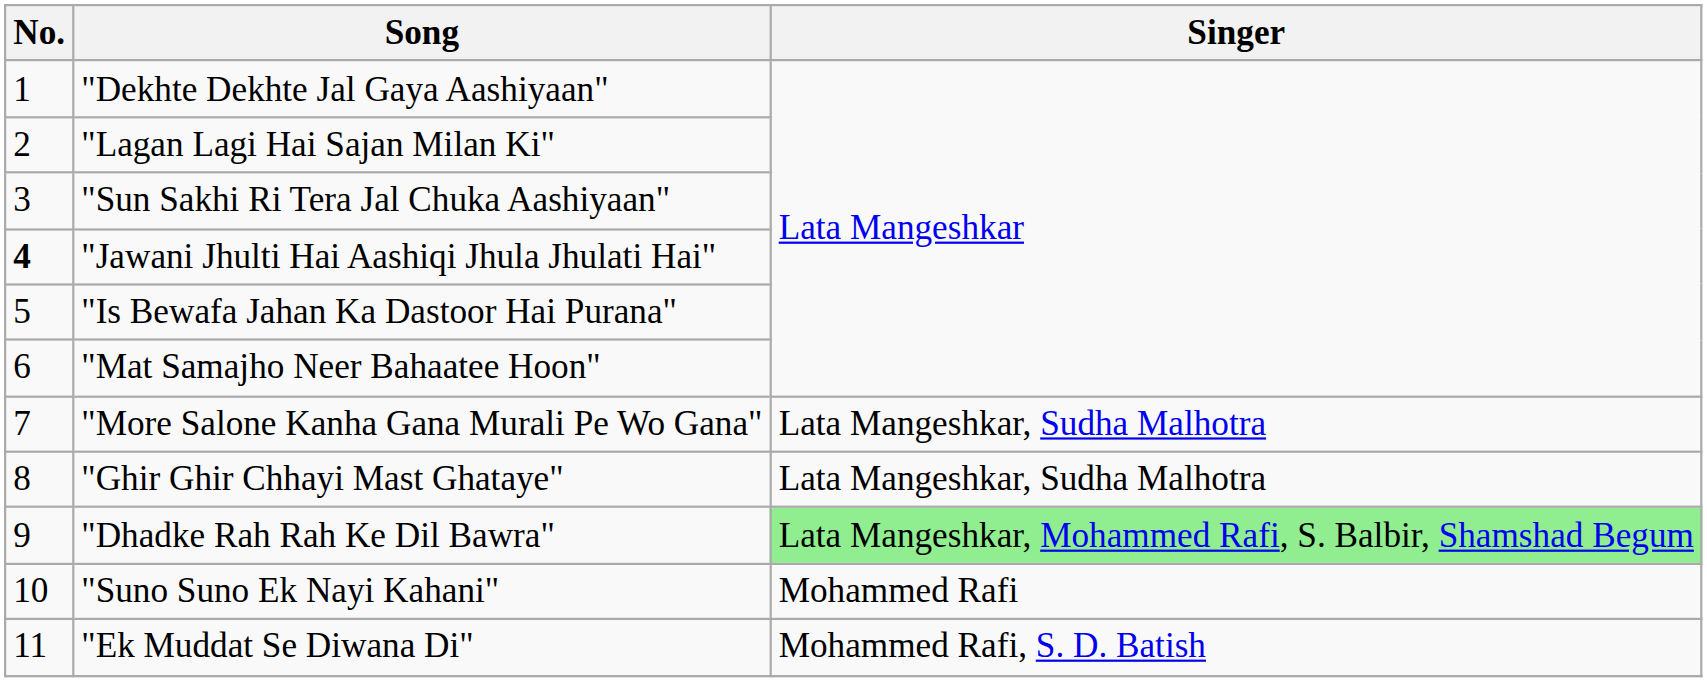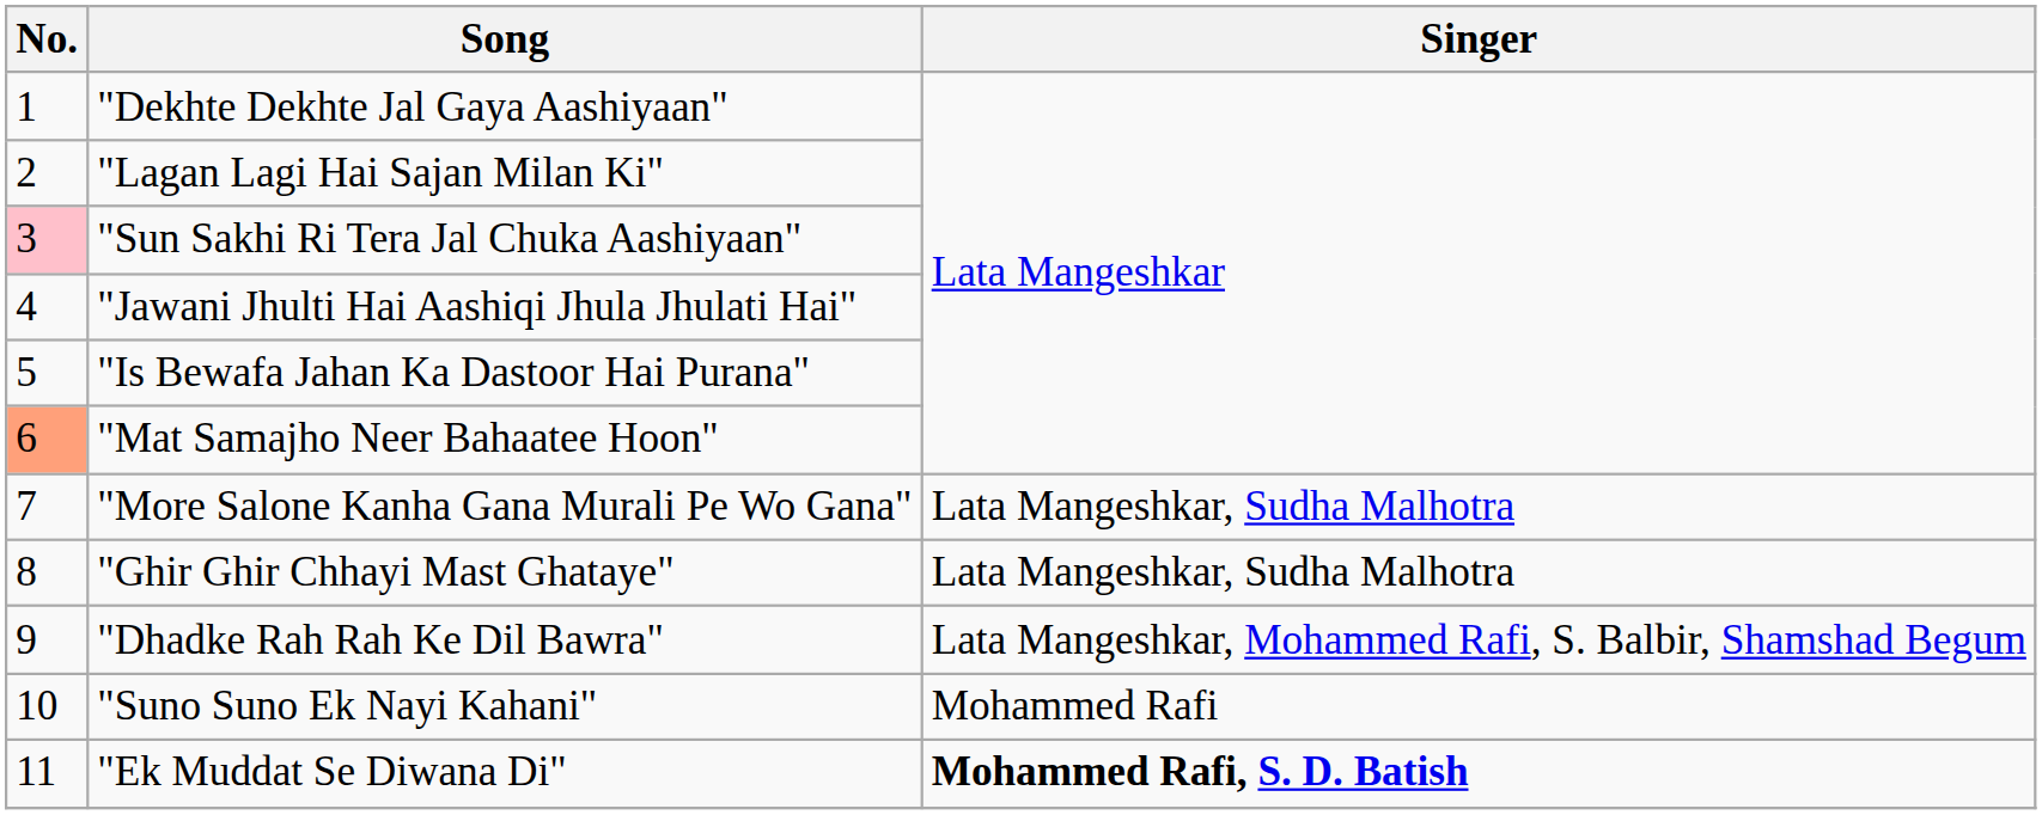 <table class="wikitable">
 <tr>
 <th>No.</th>
 <th>Song</th>
 <th>Singer</th>
 </tr>
 <tr>
 <td>1</td>
 <td>"Dekhte Dekhte Jal Gaya Aashiyaan"</td>
 <td rowspan="6"><a href='#'>Lata Mangeshkar</a></td>
 </tr>
 <tr>
 <td>2</td>
 <td>"Lagan Lagi Hai Sajan Milan Ki"</td>
 </tr>
 <tr>
-<td>3</td>
+<td style="background: pink;">3</td>
 <td>"Sun Sakhi Ri Tera Jal Chuka Aashiyaan"</td>
 </tr>
 <tr>
-<td><strong>4</strong></td>
+<td>4</td>
 <td>"Jawani Jhulti Hai Aashiqi Jhula Jhulati Hai"</td>
 </tr>
 <tr>
 <td>5</td>
 <td>"Is Bewafa Jahan Ka Dastoor Hai Purana"</td>
 </tr>
 <tr>
-<td>6</td>
+<td style="background: lightsalmon;">6</td>
 <td>"Mat Samajho Neer Bahaatee Hoon"</td>
 </tr>
 <tr>
 <td>7</td>
 <td>"More Salone Kanha Gana Murali Pe Wo Gana"</td>
 <td>Lata Mangeshkar, <a href='#'>Sudha Malhotra</a></td>
 </tr>
 <tr>
 <td>8</td>
 <td>"Ghir Ghir Chhayi Mast Ghataye"</td>
 <td>Lata Mangeshkar, Sudha Malhotra</td>
 </tr>
 <tr>
 <td>9</td>
 <td>"Dhadke Rah Rah Ke Dil Bawra"</td>
-<td style="background: lightgreen;">Lata Mangeshkar, <a href='#'>Mohammed Rafi</a>, S. Balbir, <a href='#'>Shamshad Begum</a></td>
+<td>Lata Mangeshkar, <a href='#'>Mohammed Rafi</a>, S. Balbir, <a href='#'>Shamshad Begum</a></td>
 </tr>
 <tr>
 <td>10</td>
 <td>"Suno Suno Ek Nayi Kahani"</td>
 <td>Mohammed Rafi</td>
 </tr>
 <tr>
 <td>11</td>
 <td>"Ek Muddat Se Diwana Di"</td>
-<td>Mohammed Rafi, <a href='#'>S. D. Batish</a></td>
+<td><strong>Mohammed Rafi, <a href='#'>S. D. Batish</a></strong></td>
 </tr>
 <tr>
 </tr>
 </table>
